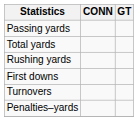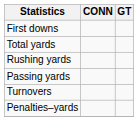 <table class="wikitable" style="float: left;">
 <tr>
 <th>Statistics</th>
 <th>CONN</th>
 <th>GT</th>
 </tr>
 <tr>
-<td>Passing yards</td>
+<td>First downs</td>
 <td></td>
 <td></td>
 </tr>
 <tr>
 <td>Total yards</td>
 <td></td>
 <td></td>
 </tr>
 <tr>
 <td>Rushing yards</td>
 <td></td>
 <td></td>
 </tr>
 <tr>
-<td>First downs</td>
+<td>Passing yards</td>
 <td></td>
 <td></td>
 </tr>
 <tr>
 <td>Turnovers</td>
 <td></td>
 <td></td>
 </tr>
 <tr>
 <td>Penalties–yards</td>
 <td></td>
 <td></td>
 </tr>
 <tr>
 </tr>
 </table>
